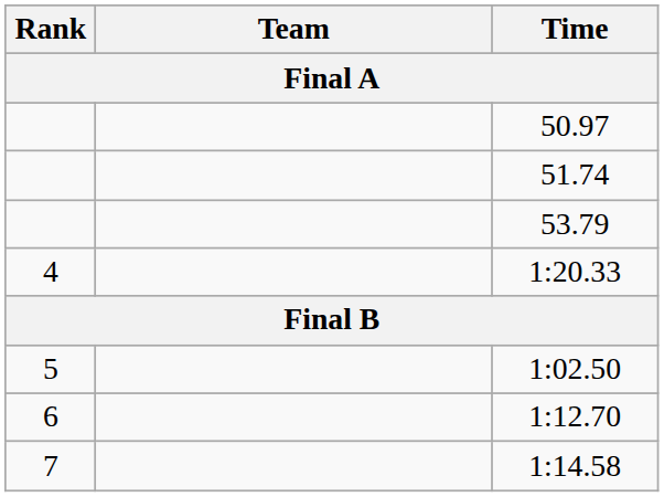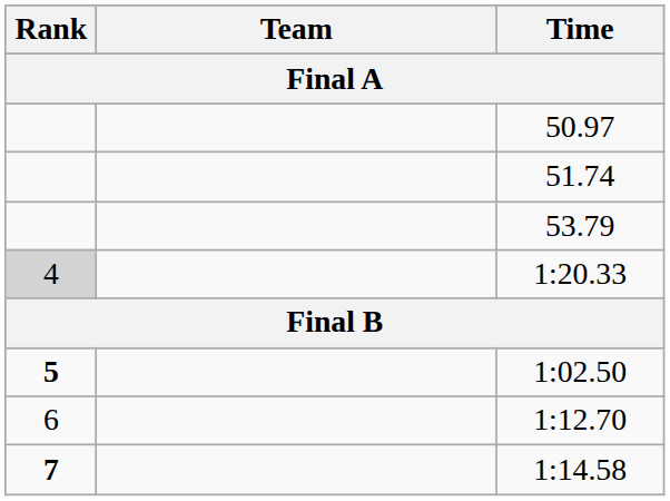 <table class=wikitable style="text-align:center">
 <tr>
 <th width=40>Rank</th>
 <th width=200>Team</th>
 <th width=80>Time</th>
 </tr>
 <tr>
 <th colspan=3>Final A</th>
 </tr>
 <tr>
 <td></td>
 <td align=left></td>
 <td>50.97</td>
 </tr>
 <tr>
 <td></td>
 <td align=left></td>
 <td>51.74</td>
 </tr>
 <tr>
 <td></td>
 <td align=left></td>
 <td>53.79</td>
 </tr>
 <tr>
-<td>4</td>
+<td style="background: lightgrey;">4</td>
 <td align=left></td>
 <td>1:20.33</td>
 </tr>
 <tr>
 <th colspan=3>Final B</th>
 </tr>
 <tr>
-<td>5</td>
+<td><strong>5</strong></td>
 <td align=left></td>
 <td>1:02.50</td>
 </tr>
 <tr>
 <td>6</td>
 <td align=left></td>
 <td>1:12.70</td>
 </tr>
 <tr>
-<td>7</td>
+<td><strong>7</strong></td>
 <td align=left></td>
 <td>1:14.58</td>
 </tr>
 </table>
